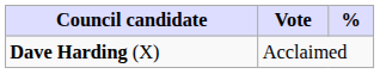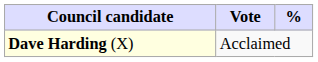 <table class="wikitable">
 <tr>
 <th style="background:#ddf; width:200px;">Council candidate</th>
 <th style="background:#ddf; width:50px;">Vote</th>
 <th style="background:#ddf; width:30px;">%</th>
 </tr>
 <tr>
-<td><strong>Dave Harding</strong> (X)</td>
+<td style="background: lightyellow;"><strong>Dave Harding</strong> (X)</td>
 <td colspan="2">Acclaimed</td>
 </tr>
 </table>
